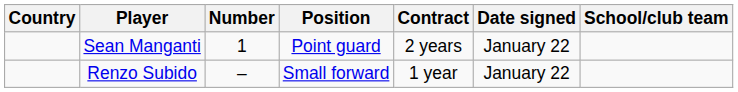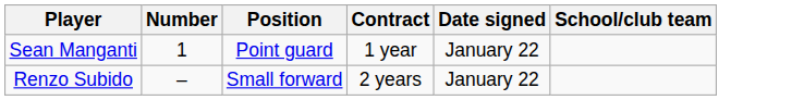 <table class="wikitable sortable sortable">
 <tr>
-<th>Country</th>
 <th>Player</th>
 <th>Number</th>
 <th>Position</th>
 <th>Contract</th>
 <th>Date signed</th>
 <th>School/club team</th>
 </tr>
 <tr>
-<td align=center></td>
 <td align=center><a href='#'>Sean Manganti</a></td>
 <td align=center>1</td>
 <td align=center><a href='#'>Point guard</a></td>
+<td align=center>1 year</td>
+<td align=center>January 22</td>
+<td align=center></td>
+</tr>
+<tr>
+<td align=center><a href='#'>Renzo Subido</a></td>
+<td align=center>–</td>
+<td align=center><a href='#'>Small forward</a></td>
 <td align=center>2 years</td>
 <td align=center>January 22</td>
 <td align=center></td>
 </tr>
-<tr>
-<td align=center></td>
-<td align=center><a href='#'>Renzo Subido</a></td>
-<td align=center>–</td>
-<td align=center><a href='#'>Small forward</a></td>
-<td align=center>1 year</td>
-<td align=center>January 22</td>
-<td align=center></td>
-</tr>
 </table>
